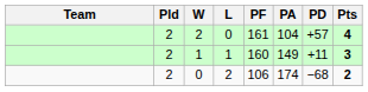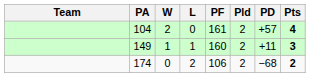 <table class="wikitable" style="text-align:center;">
 <tr>
 <th width=180>Team</th>
-<th width=30>Pld</th>
+<th width=30>PA</th>
 <th width=30>W</th>
 <th width=30>L</th>
 <th width=30>PF</th>
-<th width=30>PA</th>
+<th width=30>Pld</th>
 <th width=30>PD</th>
 <th width=30>Pts</th>
 </tr>
 <tr bgcolor="#ccffcc">
 <td align="left"></td>
-<td>2</td>
+<td>104</td>
 <td>2</td>
 <td>0</td>
 <td>161</td>
-<td>104</td>
+<td>2</td>
 <td>+57</td>
 <td><strong>4</strong></td>
 </tr>
 <tr bgcolor="#ccffcc">
 <td align="left"></td>
-<td>2</td>
+<td>149</td>
 <td>1</td>
 <td>1</td>
 <td>160</td>
-<td>149</td>
+<td>2</td>
 <td>+11</td>
 <td><strong>3</strong></td>
 </tr>
 <tr>
 <td align="left"></td>
-<td>2</td>
+<td>174</td>
 <td>0</td>
 <td>2</td>
 <td>106</td>
-<td>174</td>
+<td>2</td>
 <td>−68</td>
 <td><strong>2</strong></td>
 </tr>
 </table>
